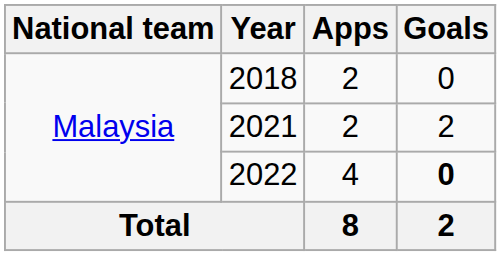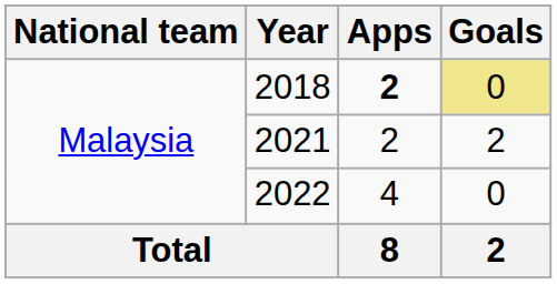 <table class=wikitable style="text-align: center;">
 <tr>
 <th>National team</th>
 <th>Year</th>
 <th>Apps</th>
 <th>Goals</th>
 </tr>
 <tr>
 <td rowspan=3><a href='#'>Malaysia</a></td>
 <td>2018</td>
-<td>2</td>
-<td>0</td>
+<td><strong>2</strong></td>
+<td style="background: khaki;">0</td>
 </tr>
 <tr>
 <td>2021</td>
 <td>2</td>
 <td>2</td>
 </tr>
 <tr>
 <td>2022</td>
 <td>4</td>
-<td><strong>0</strong></td>
+<td>0</td>
 </tr>
 <tr>
 <th colspan=2>Total</th>
 <th>8</th>
 <th>2</th>
 </tr>
 </table>
